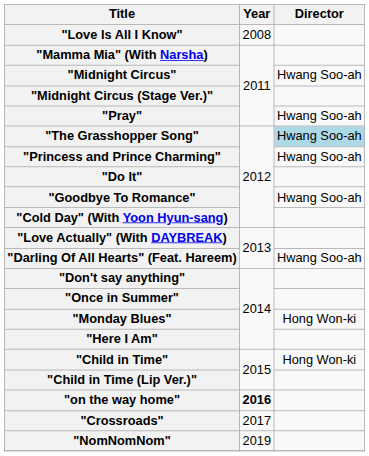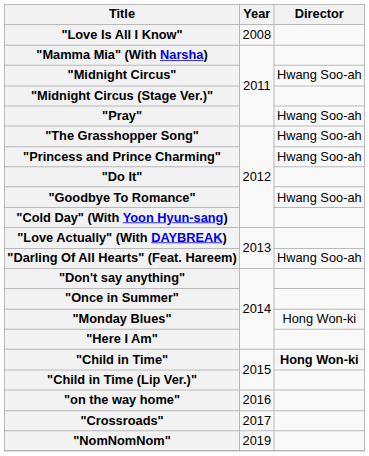 <table class="wikitable plainrowheaders" style="text-align:center">
 <tr>
 <th scope="col">Title</th>
 <th scope="col">Year</th>
 <th scope="col">Director</th>
 </tr>
 <tr>
 <th scope="row">"Love Is All I Know"</th>
 <td>2008</td>
 <td></td>
 </tr>
 <tr>
 <th scope="row">"Mamma Mia" (With <a href='#'>Narsha</a>)</th>
 <td rowspan="4">2011</td>
 <td></td>
 </tr>
 <tr>
 <th scope="row">"Midnight Circus"</th>
 <td>Hwang Soo-ah</td>
 </tr>
 <tr>
 <th scope="row">"Midnight Circus (Stage Ver.)"</th>
 <td></td>
 </tr>
 <tr>
 <th scope="row">"Pray"</th>
 <td>Hwang Soo-ah</td>
 </tr>
 <tr>
 <th scope="row">"The Grasshopper Song"</th>
 <td rowspan="5">2012</td>
-<td style="background: lightblue;">Hwang Soo-ah</td>
+<td>Hwang Soo-ah</td>
 </tr>
 <tr>
 <th scope="row">"Princess and Prince Charming"</th>
 <td>Hwang Soo-ah</td>
 </tr>
 <tr>
 <th scope="row">"Do It"</th>
 <td></td>
 </tr>
 <tr>
 <th scope="row">"Goodbye To Romance"</th>
 <td>Hwang Soo-ah</td>
 </tr>
 <tr>
 <th scope="row">"Cold Day" (With <a href='#'>Yoon Hyun-sang</a>)</th>
 <td></td>
 </tr>
 <tr>
 <th scope="row">"Love Actually" (With <a href='#'>DAYBREAK</a>)</th>
 <td rowspan="2">2013</td>
 <td></td>
 </tr>
 <tr>
 <th scope="row">"Darling Of All Hearts" (Feat. Hareem)</th>
 <td>Hwang Soo-ah</td>
 </tr>
 <tr>
 <th scope="row">"Don't say anything"</th>
 <td rowspan="4">2014</td>
 <td></td>
 </tr>
 <tr>
 <th scope="row">"Once in Summer"</th>
 <td></td>
 </tr>
 <tr>
 <th scope="row">"Monday Blues"</th>
 <td>Hong Won-ki</td>
 </tr>
 <tr>
 <th scope="row">"Here I Am"</th>
 <td></td>
 </tr>
 <tr>
 <th scope="row">"Child in Time"</th>
 <td rowspan="2">2015</td>
-<td>Hong Won-ki</td>
+<td><strong>Hong Won-ki</strong></td>
 </tr>
 <tr>
 <th scope="row">"Child in Time (Lip Ver.)"</th>
 <td></td>
 </tr>
 <tr>
 <th scope="row">"on the way home"</th>
-<td><strong>2016</strong></td>
+<td>2016</td>
 <td></td>
 </tr>
 <tr>
 <th scope="row">"Crossroads"</th>
 <td>2017</td>
 <td></td>
 </tr>
 <tr>
 <th scope="row">"NomNomNom"</th>
 <td rowspan="1">2019</td>
 <td></td>
 </tr>
 <tr>
 </tr>
 </table>
